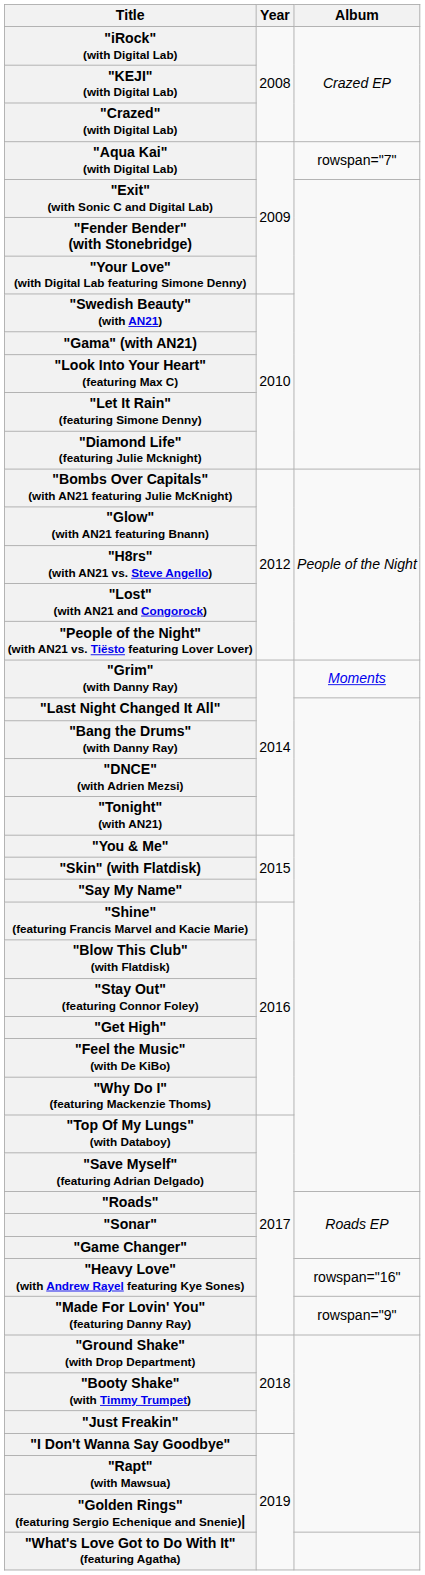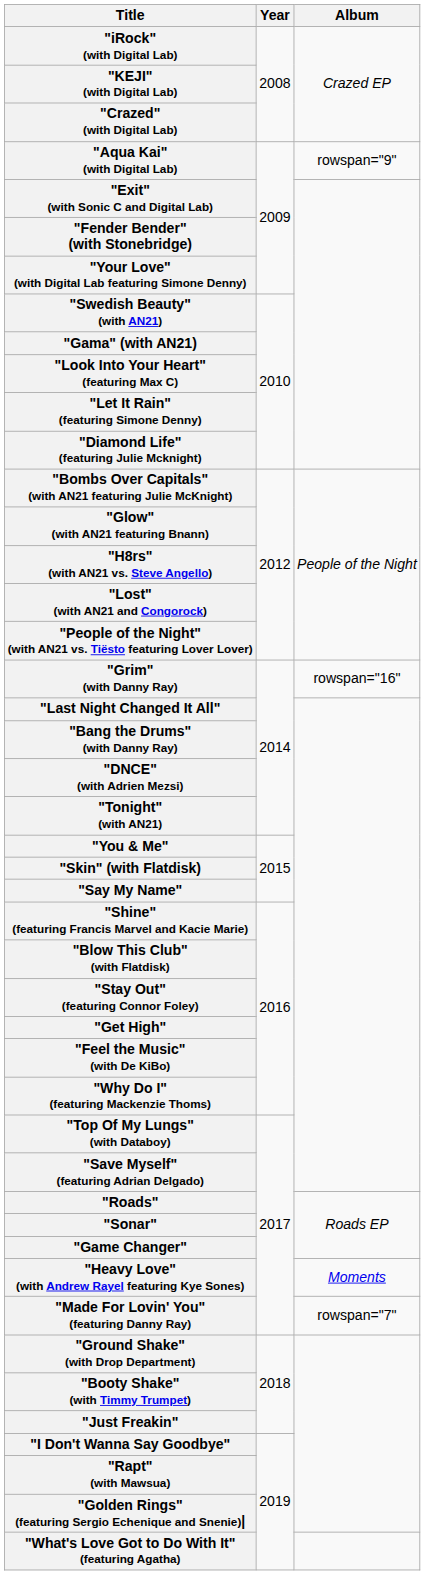 <table class="wikitable plainrowheaders" style="text-align:center;">
 <tr>
 <th>Title</th>
 <th>Year</th>
 <th>Album</th>
 </tr>
 <tr>
 <th scope="row">"iRock"<br><small>(with Digital Lab)<br></small></th>
 <td rowspan="3">2008</td>
 <td rowspan="3"><em>Crazed EP</em></td>
 </tr>
 <tr>
 <th scope="row">"KEJI"<br><small>(with Digital Lab)<br></small></th>
 </tr>
 <tr>
 <th scope="row">"Crazed"<br><small>(with Digital Lab)<br></small></th>
 </tr>
 <tr>
 <th scope="row">"Aqua Kai"<br><small>(with Digital Lab)<br></small></th>
 <td rowspan="4">2009</td>
-<td>rowspan="7" </td>
+<td>rowspan="9" </td>
 </tr>
 <tr>
 <th scope="row">"Exit"<br><small>(with Sonic C and Digital Lab)<br></small></th>
 </tr>
 <tr>
 <th scope="row">"Fender Bender"<br>(with Stonebridge)<br></th>
 </tr>
 <tr>
 <th scope="row">"Your Love"<br><small>(with Digital Lab featuring Simone Denny)<br></small></th>
 </tr>
 <tr>
 <th scope="row">"Swedish Beauty"<br><small>(with <a href='#'>AN21</a>)<br></small></th>
 <td rowspan="5">2010</td>
 </tr>
 <tr>
 <th scope="row">"Gama" (with AN21)</th>
 </tr>
 <tr>
 <th scope="row">"Look Into Your Heart"<br><small>(featuring Max C)<br></small></th>
 </tr>
 <tr>
 <th scope="row">"Let It Rain"<br><small>(featuring Simone Denny)<br></small></th>
 </tr>
 <tr>
 <th scope="row">"Diamond Life"<br><small>(featuring Julie Mcknight)<br></small></th>
 </tr>
 <tr>
 <th scope="row">"Bombs Over Capitals"<br><small>(with AN21 featuring Julie McKnight)<br></small></th>
 <td rowspan="5">2012</td>
 <td rowspan="5"><em>People of the Night</em></td>
 </tr>
 <tr>
 <th scope="row">"Glow"<br><small>(with AN21 featuring Bnann)<br></small></th>
 </tr>
 <tr>
 <th scope="row">"H8rs"<br><small>(with AN21 vs. <a href='#'>Steve Angello</a>)<br></small></th>
 </tr>
 <tr>
 <th scope="row">"Lost"<br><small>(with AN21 and <a href='#'>Congorock</a>)<br></small></th>
 </tr>
 <tr>
 <th scope="row">"People of the Night"<br><small>(with AN21 vs. <a href='#'>Tiësto</a> featuring Lover Lover)<br></small></th>
 </tr>
 <tr>
 <th scope="row">"Grim"<br><small>(with Danny Ray)<br></small></th>
 <td rowspan="5">2014</td>
-<td><em><a href='#'>Moments</a></em></td>
+<td>rowspan="16" </td>
 </tr>
 <tr>
 <th scope="row">"Last Night Changed It All"</th>
 </tr>
 <tr>
 <th scope="row">"Bang the Drums"<br><small>(with Danny Ray)<br></small></th>
 </tr>
 <tr>
 <th scope="row">"DNCE"<br><small>(with Adrien Mezsi)<br></small></th>
 </tr>
 <tr>
 <th scope="row">"Tonight"<br><small>(with AN21)<br></small></th>
 </tr>
 <tr>
 <th scope="row">"You & Me"</th>
 <td rowspan="3">2015</td>
 </tr>
 <tr>
 <th scope="row">"Skin" (with Flatdisk)</th>
 </tr>
 <tr>
 <th scope="row">"Say My Name"</th>
 </tr>
 <tr>
 <th scope="row">"Shine"<br><small>(featuring Francis Marvel and Kacie Marie)<br></small></th>
 <td rowspan="6">2016</td>
 </tr>
 <tr>
 <th scope="row">"Blow This Club"<br><small>(with Flatdisk)<br></small></th>
 </tr>
 <tr>
 <th scope="row">"Stay Out"<br><small>(featuring Connor Foley)<br></small></th>
 </tr>
 <tr>
 <th scope="row">"Get High"</th>
 </tr>
 <tr>
 <th scope="row">"Feel the Music"<br><small>(with De KiBo)<br></small></th>
 </tr>
 <tr>
 <th scope="row">"Why Do I"<br><small>(featuring Mackenzie Thoms)</small><br></th>
 </tr>
 <tr>
 <th scope="row">"Top Of My Lungs"<br><small>(with Databoy)</small><br></th>
 <td rowspan="7">2017</td>
 </tr>
 <tr>
 <th scope="row">"Save Myself"<br><small>(featuring Adrian Delgado)</small><br></th>
 </tr>
 <tr>
 <th scope="row">"Roads"</th>
 <td rowspan="3"><em>Roads EP</em></td>
 </tr>
 <tr>
 <th scope="row">"Sonar"</th>
 </tr>
 <tr>
 <th scope="row">"Game Changer"</th>
 </tr>
 <tr>
 <th scope="row">"Heavy Love"<br><small>(with <a href='#'>Andrew Rayel</a> featuring Kye Sones)</small><br></th>
-<td>rowspan="16" </td>
+<td><em><a href='#'>Moments</a></em></td>
 </tr>
 <tr>
 <th scope="row">"Made For Lovin' You"<br><small>(featuring Danny Ray)</small><br></th>
-<td>rowspan="9" </td>
+<td>rowspan="7" </td>
 </tr>
 <tr>
 <th scope="row">"Ground Shake" <br><small>(with Drop Department)</small><br></th>
 <td rowspan="3">2018</td>
 </tr>
 <tr>
 <th scope="row">"Booty Shake" <br><small>(with <a href='#'>Timmy Trumpet</a>)</small></th>
 </tr>
 <tr>
 <th scope="row">"Just Freakin"</th>
 </tr>
 <tr>
 <th scope="row">"I Don't Wanna Say Goodbye"</th>
 <td rowspan="4">2019</td>
 </tr>
 <tr>
 <th scope="row">"Rapt" <br><small>(with Mawsua)</small></th>
 </tr>
 <tr>
 <th scope="row">"Golden Rings" <br><small>(featuring Sergio Echenique and Snenie)</small>|</th>
 </tr>
 <tr>
 <th scope="row">"What's Love Got to Do With It" <br><small>(featuring Agatha)</small></th>
 <td></td>
 </tr>
 </table>
